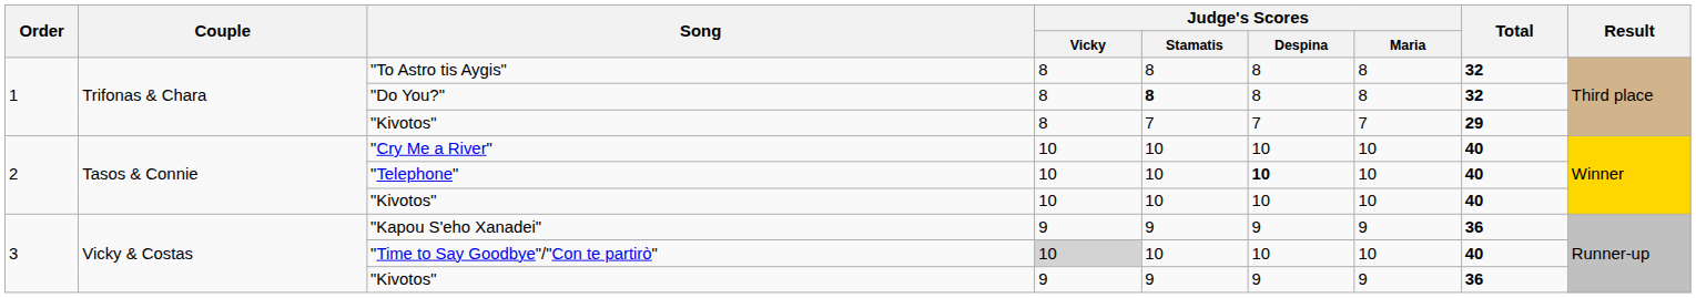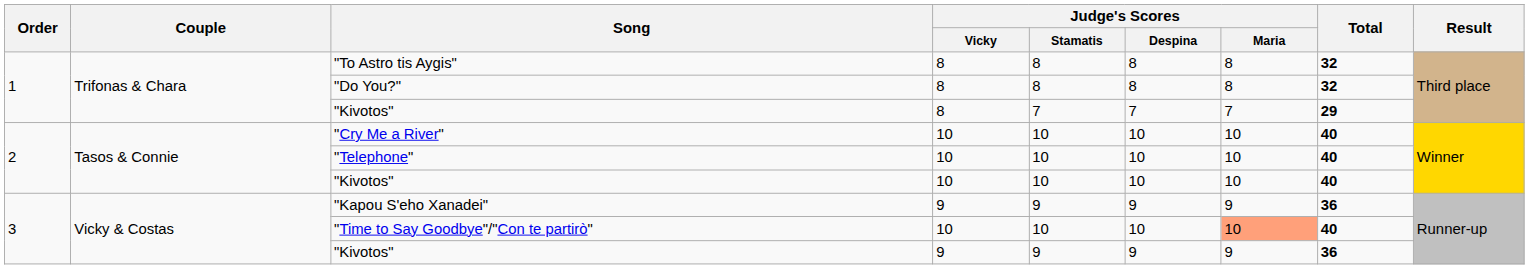 <table class="wikitable sortable center">
 <tr>
 <th rowspan="2" style="width: 4em">Order</th>
 <th rowspan="2" style="width: 17em">Couple</th>
 <th rowspan="2" style="width: 40em">Song</th>
 <th colspan="4">Judge's Scores</th>
 <th rowspan="2" style="width: 6em">Total</th>
 <th rowspan="2" style="width: 7em">Result</th>
 </tr>
 <tr>
 <th style="width: 6em"><small>Vicky</small></th>
 <th style="width: 6em"><small>Stamatis</small></th>
 <th style="width: 6em"><small>Despina</small></th>
 <th style="width: 6em"><small>Maria</small></th>
 </tr>
 <tr>
 <td rowspan="3">1</td>
 <td rowspan="3">Trifonas & Chara</td>
 <td>"To Astro tis Aygis"</td>
 <td>8</td>
 <td>8</td>
 <td>8</td>
 <td>8</td>
 <td><strong>32</strong></td>
 <td style="background:tan;" rowspan="3">Third place</td>
 </tr>
 <tr>
 <td>"Do You?"</td>
 <td>8</td>
-<td><strong>8</strong></td>
+<td>8</td>
 <td>8</td>
 <td>8</td>
 <td><strong>32</strong></td>
 </tr>
 <tr>
 <td>"Kivotos"</td>
 <td>8</td>
 <td>7</td>
 <td>7</td>
 <td>7</td>
 <td><strong>29</strong></td>
 </tr>
 <tr>
 <td rowspan="3">2</td>
 <td rowspan="3">Tasos & Connie</td>
 <td>"<a href='#'>Cry Me a River</a>"</td>
 <td>10</td>
 <td>10</td>
 <td>10</td>
 <td>10</td>
 <td><strong>40</strong></td>
 <td style="background:gold;" rowspan="3">Winner</td>
 </tr>
 <tr>
 <td>"<a href='#'>Telephone</a>"</td>
 <td>10</td>
 <td>10</td>
-<td><strong>10</strong></td>
+<td>10</td>
 <td>10</td>
 <td><strong>40</strong></td>
 </tr>
 <tr>
 <td>"Kivotos"</td>
 <td>10</td>
 <td>10</td>
 <td>10</td>
 <td>10</td>
 <td><strong>40</strong></td>
 </tr>
 <tr>
 <td rowspan="3">3</td>
 <td rowspan="3">Vicky & Costas</td>
 <td>"Kapou S'eho Xanadei"</td>
 <td>9</td>
 <td>9</td>
 <td>9</td>
 <td>9</td>
 <td><strong>36</strong></td>
 <td style="background:silver;" rowspan="3">Runner-up</td>
 </tr>
 <tr>
 <td>"<a href='#'>Time to Say Goodbye</a>"/"<a href='#'>Con te partirò</a>"</td>
-<td style="background: lightgrey;">10</td>
 <td>10</td>
 <td>10</td>
 <td>10</td>
+<td style="background: lightsalmon;">10</td>
 <td><strong>40</strong></td>
 </tr>
 <tr>
 <td>"Kivotos"</td>
 <td>9</td>
 <td>9</td>
 <td>9</td>
 <td>9</td>
 <td><strong>36</strong></td>
 </tr>
 </table>
